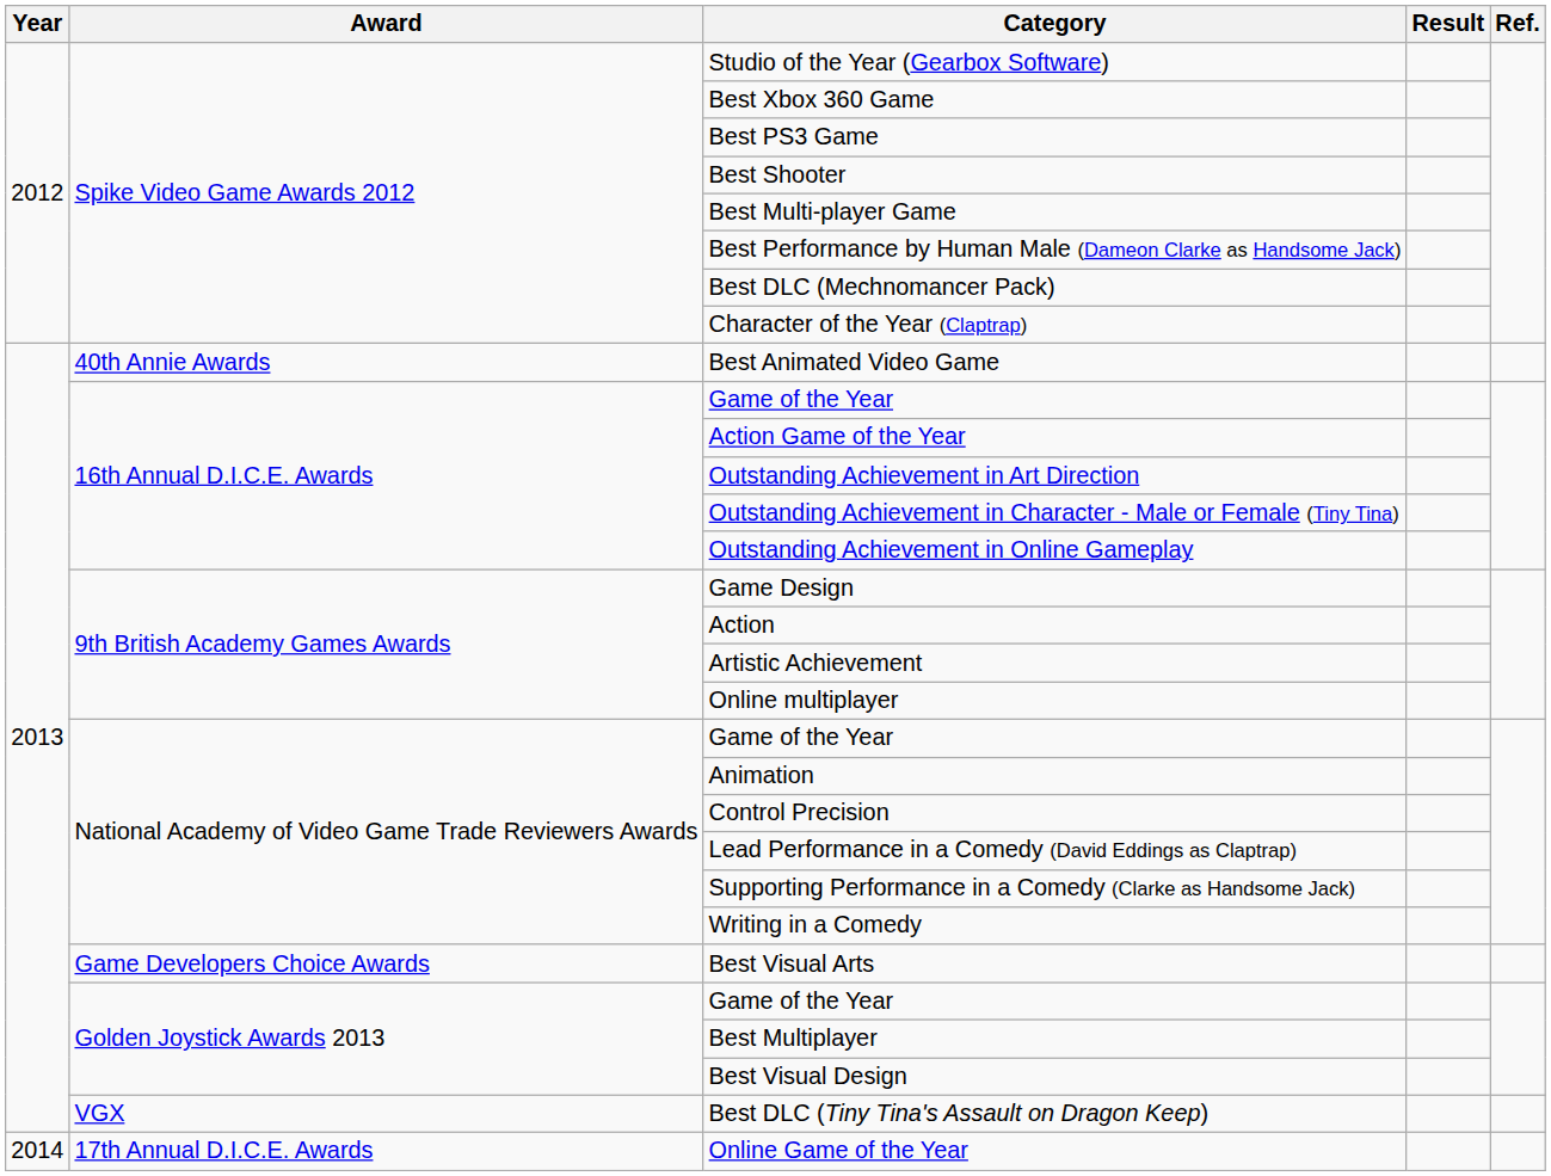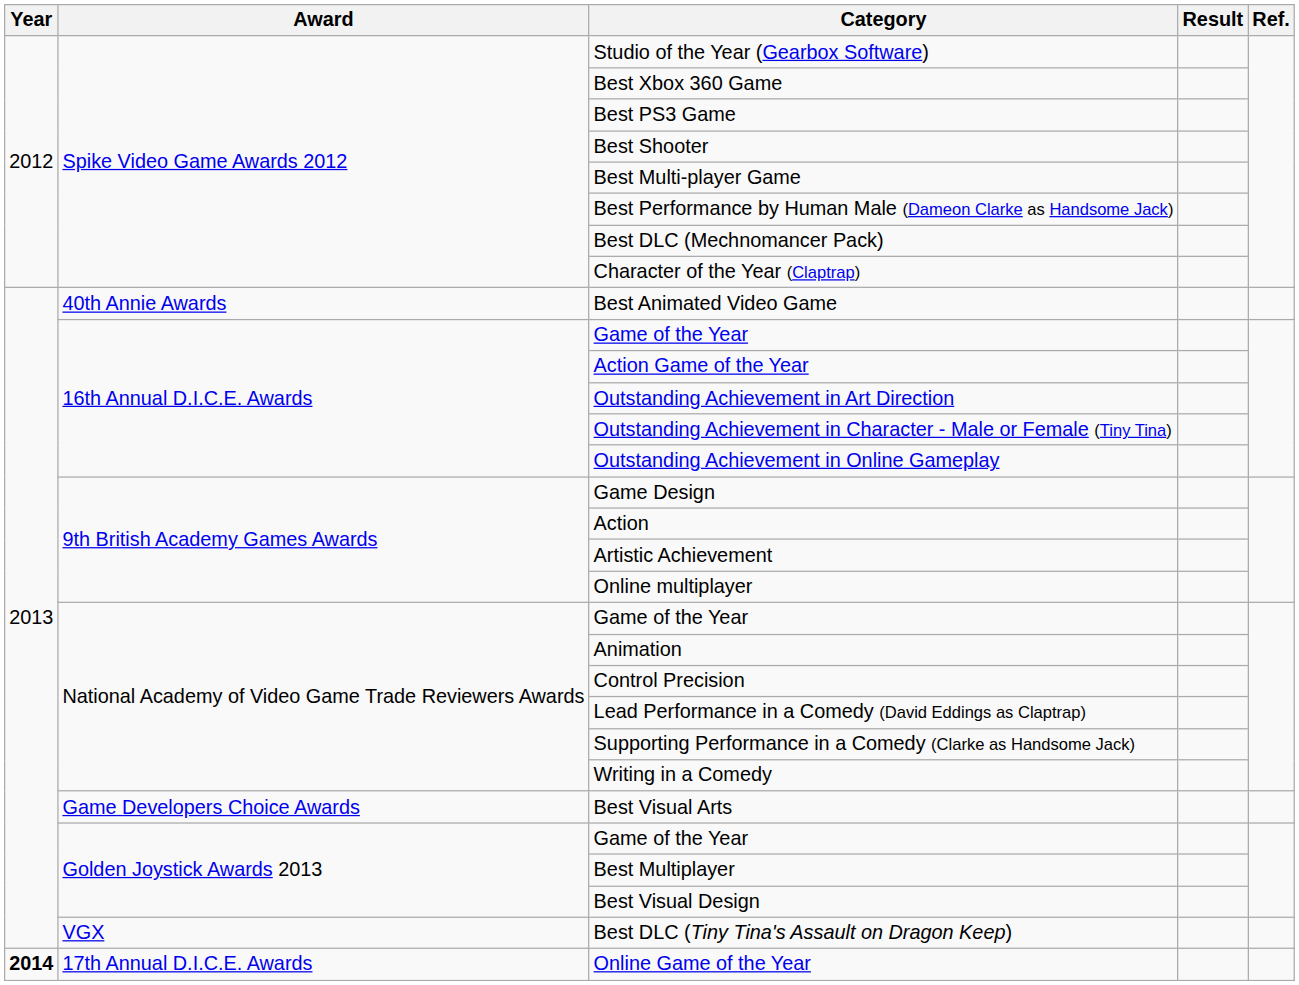 <table class="wikitable sortable">
 <tr>
 <th>Year</th>
 <th>Award</th>
 <th>Category</th>
 <th>Result</th>
 <th>Ref.</th>
 </tr>
 <tr>
 <td style="text-align:center;" rowspan="8">2012</td>
 <td rowspan="8"><a href='#'>Spike Video Game Awards 2012</a></td>
 <td>Studio of the Year (<a href='#'>Gearbox Software</a>)</td>
 <td></td>
 <td rowspan="8" style="text-align:center;"></td>
 </tr>
 <tr>
 <td>Best Xbox 360 Game</td>
 <td></td>
 </tr>
 <tr>
 <td>Best PS3 Game</td>
 <td></td>
 </tr>
 <tr>
 <td>Best Shooter</td>
 <td></td>
 </tr>
 <tr>
 <td>Best Multi-player Game</td>
 <td></td>
 </tr>
 <tr>
 <td>Best Performance by Human Male <small>(<a href='#'>Dameon Clarke</a> as <a href='#'>Handsome Jack</a>)</small></td>
 <td></td>
 </tr>
 <tr>
 <td>Best DLC (Mechnomancer Pack)</td>
 <td></td>
 </tr>
 <tr>
 <td>Character of the Year <small>(<a href='#'>Claptrap</a>)</small></td>
 <td></td>
 </tr>
 <tr>
 <td style="text-align:center;" rowspan="21">2013</td>
 <td><a href='#'>40th Annie Awards</a></td>
 <td>Best Animated Video Game</td>
 <td></td>
 <td align="center"></td>
 </tr>
 <tr>
 <td rowspan="5"><a href='#'>16th Annual D.I.C.E. Awards</a></td>
 <td><a href='#'>Game of the Year</a></td>
 <td></td>
 <td style="text-align:center;" rowspan="5"></td>
 </tr>
 <tr>
 <td><a href='#'>Action Game of the Year</a></td>
 <td></td>
 </tr>
 <tr>
 <td><a href='#'>Outstanding Achievement in Art Direction</a></td>
 <td></td>
 </tr>
 <tr>
 <td><a href='#'>Outstanding Achievement in Character - Male or Female</a> <small>(<a href='#'>Tiny Tina</a>)</small></td>
 <td></td>
 </tr>
 <tr>
 <td><a href='#'>Outstanding Achievement in Online Gameplay</a></td>
 <td></td>
 </tr>
 <tr>
 <td rowspan="4"><a href='#'>9th British Academy Games Awards</a></td>
 <td>Game Design</td>
 <td></td>
 <td rowspan="4" style="text-align:center;"></td>
 </tr>
 <tr>
 <td>Action</td>
 <td></td>
 </tr>
 <tr>
 <td>Artistic Achievement</td>
 <td></td>
 </tr>
 <tr>
 <td>Online multiplayer</td>
 <td></td>
 </tr>
 <tr>
 <td rowspan="6">National Academy of Video Game Trade Reviewers Awards</td>
 <td>Game of the Year</td>
 <td></td>
 <td rowspan="6" style="text-align:center;"></td>
 </tr>
 <tr>
 <td>Animation</td>
 <td></td>
 </tr>
 <tr>
 <td>Control Precision</td>
 <td></td>
 </tr>
 <tr>
 <td>Lead Performance in a Comedy <small>(David Eddings as Claptrap)</small></td>
 <td></td>
 </tr>
 <tr>
 <td>Supporting Performance in a Comedy <small>(Clarke as Handsome Jack)</small></td>
 <td></td>
 </tr>
 <tr>
 <td>Writing in a Comedy</td>
 <td></td>
 </tr>
 <tr>
 <td><a href='#'>Game Developers Choice Awards</a></td>
 <td>Best Visual Arts</td>
 <td></td>
 <td align="center"></td>
 </tr>
 <tr>
 <td rowspan="3"><a href='#'>Golden Joystick Awards</a> 2013</td>
 <td>Game of the Year</td>
 <td></td>
 <td rowspan="3" style="text-align:center;"></td>
 </tr>
 <tr>
 <td>Best Multiplayer</td>
 <td></td>
 </tr>
 <tr>
 <td>Best Visual Design</td>
 <td></td>
 </tr>
 <tr>
 <td><a href='#'>VGX</a></td>
 <td>Best DLC (<em>Tiny Tina's Assault on Dragon Keep</em>)</td>
 <td></td>
 <td style="text-align:center;"></td>
 </tr>
 <tr>
-<td rowspan="1" style="text-align:center;">2014</td>
+<td rowspan="1" style="text-align:center;"><strong>2014</strong></td>
 <td><a href='#'>17th Annual D.I.C.E. Awards</a></td>
 <td><a href='#'>Online Game of the Year</a></td>
 <td></td>
 <td style="text-align:center;"></td>
 </tr>
 </table>
